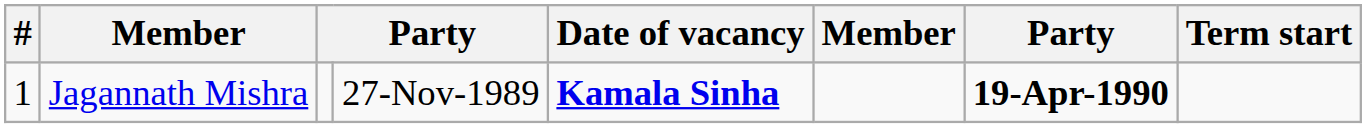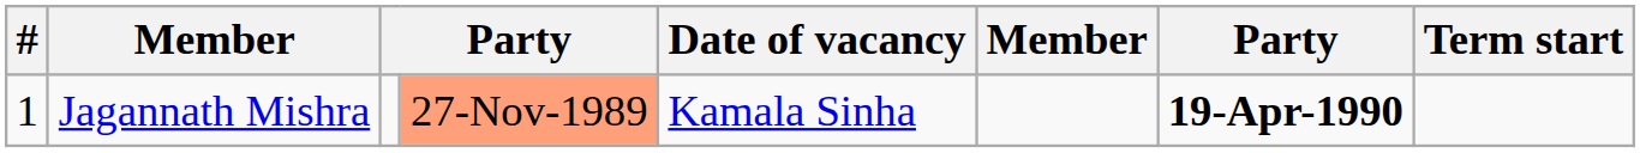 <table class="wikitable">
 <tr>
 <th>#</th>
 <th>Member</th>
 <th colspan="2">Party</th>
 <th>Date of vacancy</th>
 <th>Member</th>
 <th colspan="2">Party</th>
 <th>Term start</th>
 </tr>
 <tr>
 <td>1</td>
 <td><a href='#'>Jagannath Mishra</a></td>
 <td></td>
-<td>27-Nov-1989</td>
-<td><strong><a href='#'>Kamala Sinha</a></strong></td>
+<td style="background: lightsalmon;">27-Nov-1989</td>
+<td><a href='#'>Kamala Sinha</a></td>
 <td></td>
 <td><strong>19-Apr-1990</strong></td>
 </tr>
 </table>
